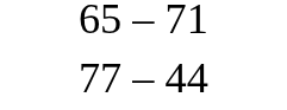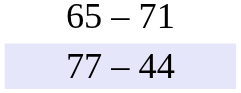 <table style="text-align:center;">
 <tr>
 <th width=200></th>
 <th width=100></th>
 <th width=200></th>
 <th></th>
 </tr>
 <tr>
 <td align=right></td>
 <td>65 – 71</td>
 <td align=left><strong></strong></td>
 </tr>
 <tr>
 <td align=right><strong></strong></td>
-<td>77 – 44</td>
+<td style="background: lavender;">77 – 44</td>
 <td align=left></td>
 </tr>
 </table>
